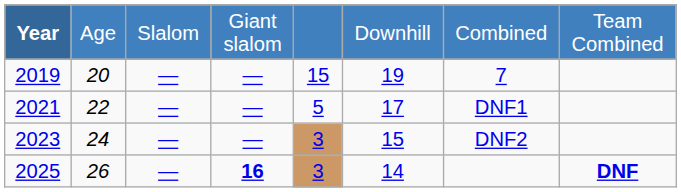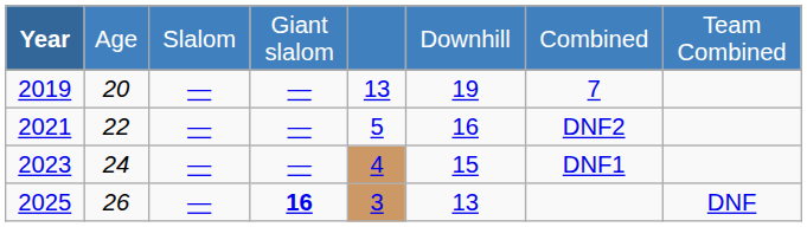 <table class="wikitable" style="font-size:95%; text-align:center; border:grey solid 1px; border-collapse:collapse;" width="40%">
 <tr style="background-color:#369; color:white;">
 <td rowspan="2" colspan="1" width="4%"><strong>Year</strong></td>
 </tr>
 <tr style="background-color:#4180be; color:white;">
 <td width="3%">Age</td>
 <td width="5%">Slalom</td>
 <td width="5%">Giant<br>slalom</td>
 <td width="5%"></td>
 <td width="5%">Downhill</td>
 <td width="5%">Combined</td>
 <td width="5%">Team Combined</td>
 </tr>
 <tr style="background-color:#8CB2D8; color:white;">
 </tr>
 <tr>
 <td><a href='#'>2019</a></td>
 <td><em>20</em></td>
 <td><a href='#'>—</a></td>
 <td><a href='#'>—</a></td>
-<td><a href='#'>15</a></td>
+<td><a href='#'>13</a></td>
 <td><a href='#'>19</a></td>
 <td><a href='#'>7</a></td>
 <td></td>
 </tr>
 <tr>
 <td><a href='#'>2021</a></td>
 <td><em>22</em></td>
 <td><a href='#'>—</a></td>
 <td><a href='#'>—</a></td>
 <td><a href='#'>5</a></td>
-<td><a href='#'>17</a></td>
-<td><a href='#'>DNF1</a></td>
+<td><a href='#'>16</a></td>
+<td><a href='#'>DNF2</a></td>
 <td></td>
 </tr>
 <tr>
 <td><a href='#'>2023</a></td>
 <td><em>24</em></td>
 <td><a href='#'>—</a></td>
 <td><a href='#'>—</a></td>
-<td style="background:#cc9966;"><a href='#'>3</a></td>
+<td style="background:#cc9966;"><a href='#'>4</a></td>
 <td><a href='#'>15</a></td>
-<td><a href='#'>DNF2</a></td>
+<td><a href='#'>DNF1</a></td>
 <td></td>
 </tr>
 <tr>
 <td><a href='#'>2025</a></td>
 <td><em>26</em></td>
 <td><a href='#'>—</a></td>
 <td><strong><a href='#'>16</a></strong></td>
 <td style="background:#cc9966;"><a href='#'>3</a></td>
-<td><a href='#'>14</a></td>
+<td><a href='#'>13</a></td>
 <td></td>
-<td><strong><a href='#'>DNF</a></strong></td>
+<td><a href='#'>DNF</a></td>
 </tr>
 </table>
